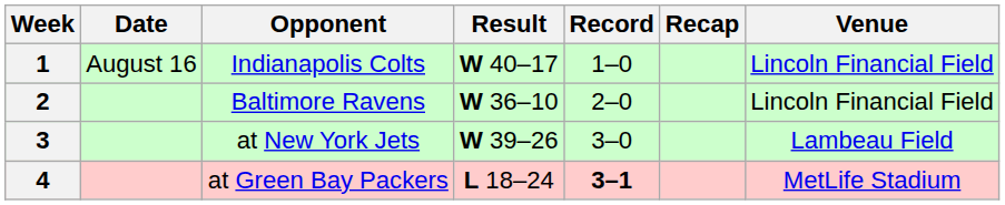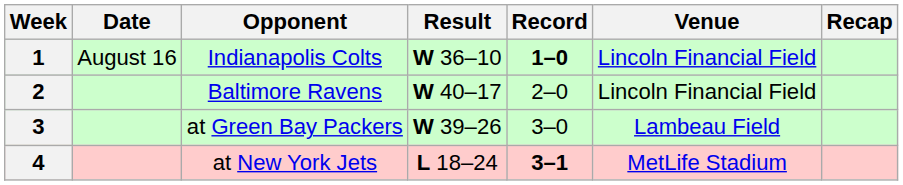 <table class="wikitable" style="text-align:center">
 <tr>
 <th>Week</th>
 <th>Date</th>
 <th>Opponent</th>
 <th>Result</th>
 <th>Record</th>
+<th>Venue</th>
 <th>Recap</th>
-<th>Venue</th>
 </tr>
 <tr style="background:#cfc">
 <th>1</th>
 <td>August 16</td>
 <td><a href='#'>Indianapolis Colts</a></td>
-<td><strong>W</strong> 40–17</td>
-<td>1–0</td>
+<td><strong>W</strong> 36–10</td>
+<td><strong>1–0</strong></td>
+<td><a href='#'>Lincoln Financial Field</a></td>
 <td></td>
-<td><a href='#'>Lincoln Financial Field</a></td>
 </tr>
 <tr style="background:#cfc">
 <th>2</th>
 <td></td>
 <td><a href='#'>Baltimore Ravens</a></td>
-<td><strong>W</strong> 36–10</td>
+<td><strong>W</strong> 40–17</td>
 <td>2–0</td>
+<td>Lincoln Financial Field</td>
 <td></td>
-<td>Lincoln Financial Field</td>
 </tr>
 <tr style="background:#cfc">
 <th>3</th>
 <td></td>
-<td>at <a href='#'>New York Jets</a></td>
+<td>at <a href='#'>Green Bay Packers</a></td>
 <td><strong>W</strong> 39–26</td>
 <td>3–0</td>
+<td><a href='#'>Lambeau Field</a></td>
 <td></td>
-<td><a href='#'>Lambeau Field</a></td>
 </tr>
 <tr style="background:#fcc">
 <th>4</th>
 <td></td>
-<td>at <a href='#'>Green Bay Packers</a></td>
+<td>at <a href='#'>New York Jets</a></td>
 <td><strong>L</strong> 18–24</td>
 <td><strong>3–1</strong></td>
+<td><a href='#'>MetLife Stadium</a></td>
 <td></td>
-<td><a href='#'>MetLife Stadium</a></td>
 </tr>
 </table>
